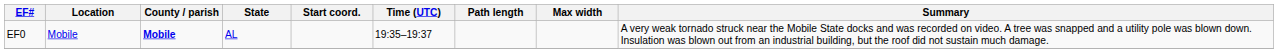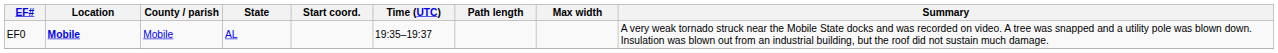 <table class="wikitable sortable" style="width:100%;">
 <tr>
 <th scope="col"  style="width:3%; text-align:center;"><a href='#'>EF#</a></th>
 <th scope="col"  style="width:7%; text-align:center;" class="unsortable">Location</th>
 <th scope="col"  style="width:6%; text-align:center;" class="unsortable">County / parish</th>
 <th scope="col"  style="width:5%; text-align:center;">State</th>
 <th scope="col"  style="width:6%; text-align:center;">Start coord.</th>
 <th scope="col"  style="width:6%; text-align:center;">Time (<a href='#'>UTC</a>)</th>
 <th scope="col"  style="width:6%; text-align:center;">Path length</th>
 <th scope="col"  style="width:6%; text-align:center;">Max width</th>
 <th scope="col" class="unsortable" style="width:48%; text-align:center;">Summary</th>
 </tr>
 <tr>
 <td bgcolor=>EF0</td>
+<td><strong><a href='#'>Mobile</a></strong></td>
 <td><a href='#'>Mobile</a></td>
-<td><strong><a href='#'>Mobile</a></strong></td>
 <td><a href='#'>AL</a></td>
 <td></td>
 <td>19:35–19:37</td>
 <td></td>
 <td></td>
 <td>A very weak tornado struck near the Mobile State docks and was recorded on video. A tree was snapped and a utility pole was blown down. Insulation was blown out from an industrial building, but the roof did not sustain much damage.</td>
 </tr>
 <tr>
 </tr>
 </table>
